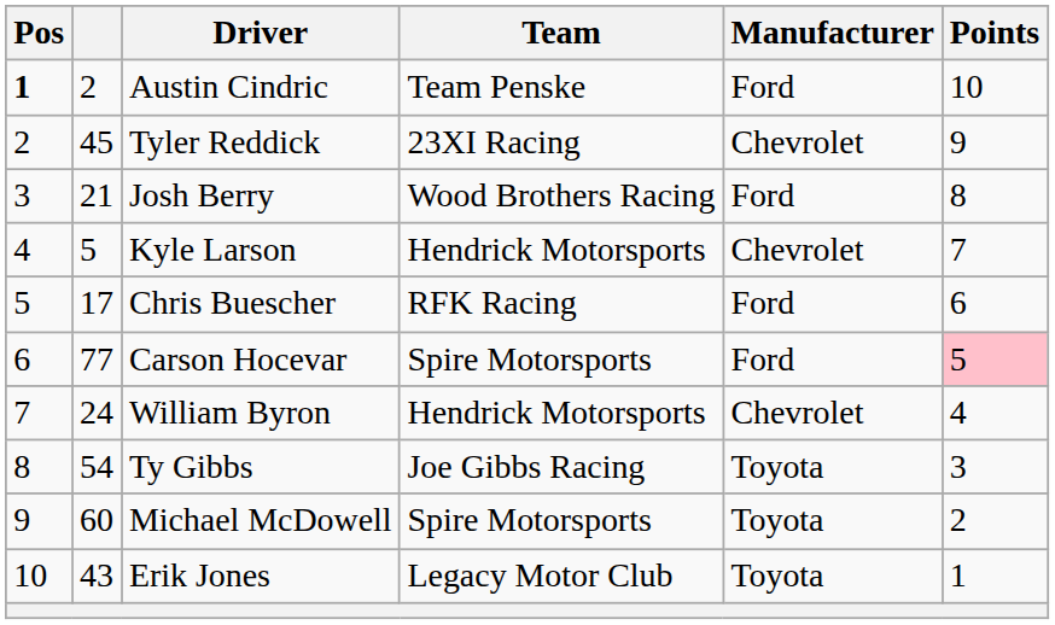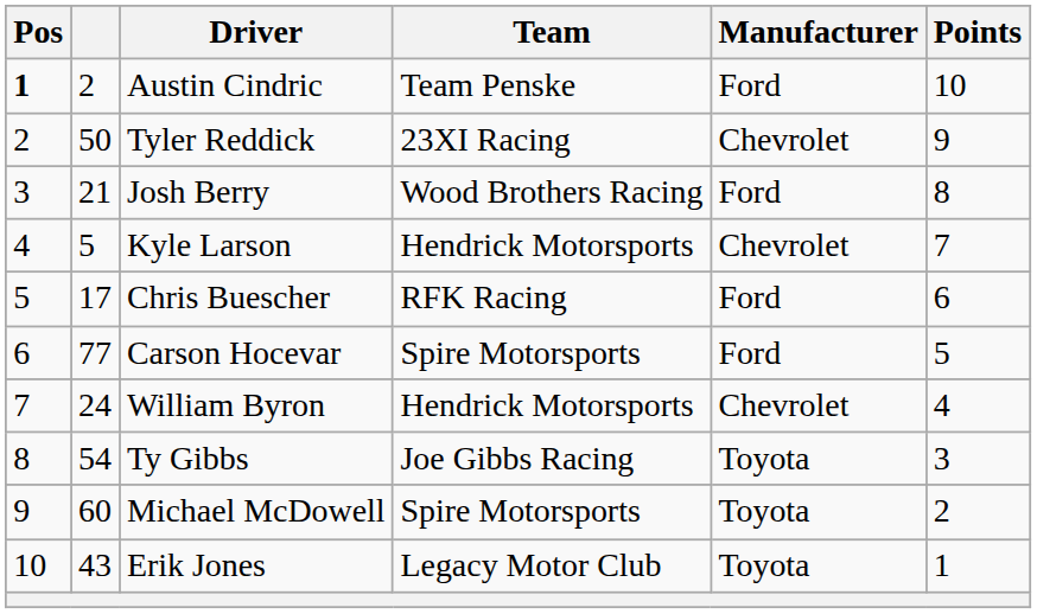 <table class="wikitable" style="font-size:98%">
 <tr>
 <th>Pos</th>
 <th></th>
 <th>Driver</th>
 <th>Team</th>
 <th>Manufacturer</th>
 <th>Points</th>
 </tr>
 <tr>
 <td><strong>1</strong></td>
 <td>2</td>
 <td>Austin Cindric</td>
 <td>Team Penske</td>
 <td>Ford</td>
 <td>10</td>
 </tr>
 <tr>
 <td>2</td>
-<td>45</td>
+<td>50</td>
 <td>Tyler Reddick</td>
 <td>23XI Racing</td>
 <td>Chevrolet</td>
 <td>9</td>
 </tr>
 <tr>
 <td>3</td>
 <td>21</td>
 <td>Josh Berry</td>
 <td>Wood Brothers Racing</td>
 <td>Ford</td>
 <td>8</td>
 </tr>
 <tr>
 <td>4</td>
 <td>5</td>
 <td>Kyle Larson</td>
 <td>Hendrick Motorsports</td>
 <td>Chevrolet</td>
 <td>7</td>
 </tr>
 <tr>
 <td>5</td>
 <td>17</td>
 <td>Chris Buescher</td>
 <td>RFK Racing</td>
 <td>Ford</td>
 <td>6</td>
 </tr>
 <tr>
 <td>6</td>
 <td>77</td>
 <td>Carson Hocevar</td>
 <td>Spire Motorsports</td>
 <td>Ford</td>
-<td style="background: pink;">5</td>
+<td>5</td>
 </tr>
 <tr>
 <td>7</td>
 <td>24</td>
 <td>William Byron</td>
 <td>Hendrick Motorsports</td>
 <td>Chevrolet</td>
 <td>4</td>
 </tr>
 <tr>
 <td>8</td>
 <td>54</td>
 <td>Ty Gibbs</td>
 <td>Joe Gibbs Racing</td>
 <td>Toyota</td>
 <td>3</td>
 </tr>
 <tr>
 <td>9</td>
 <td>60</td>
 <td>Michael McDowell</td>
 <td>Spire Motorsports</td>
 <td>Toyota</td>
 <td>2</td>
 </tr>
 <tr>
 <td>10</td>
 <td>43</td>
 <td>Erik Jones</td>
 <td>Legacy Motor Club</td>
 <td>Toyota</td>
 <td>1</td>
 </tr>
 <tr>
 <th colspan="6"></th>
 </tr>
 </table>
